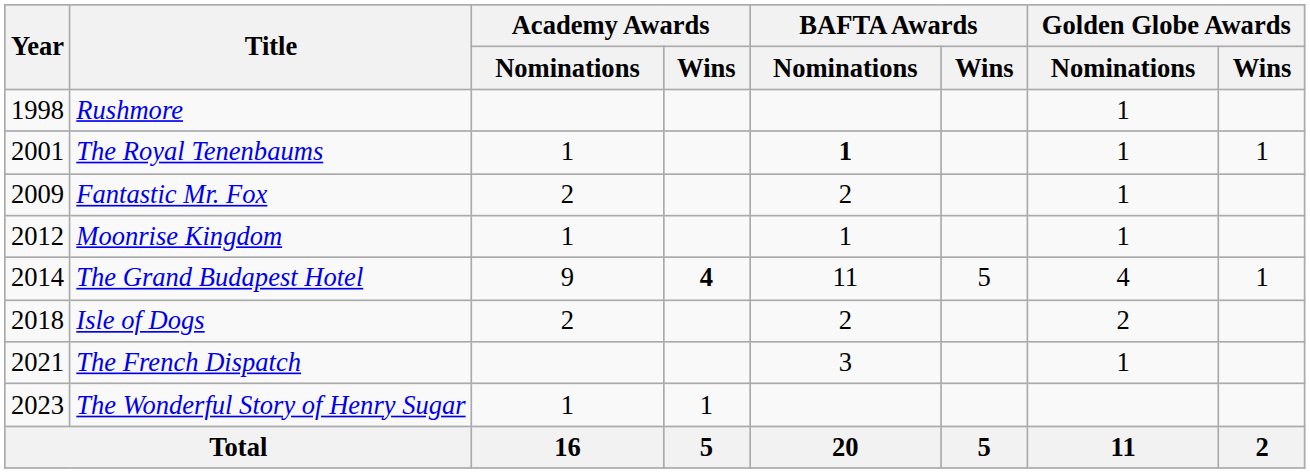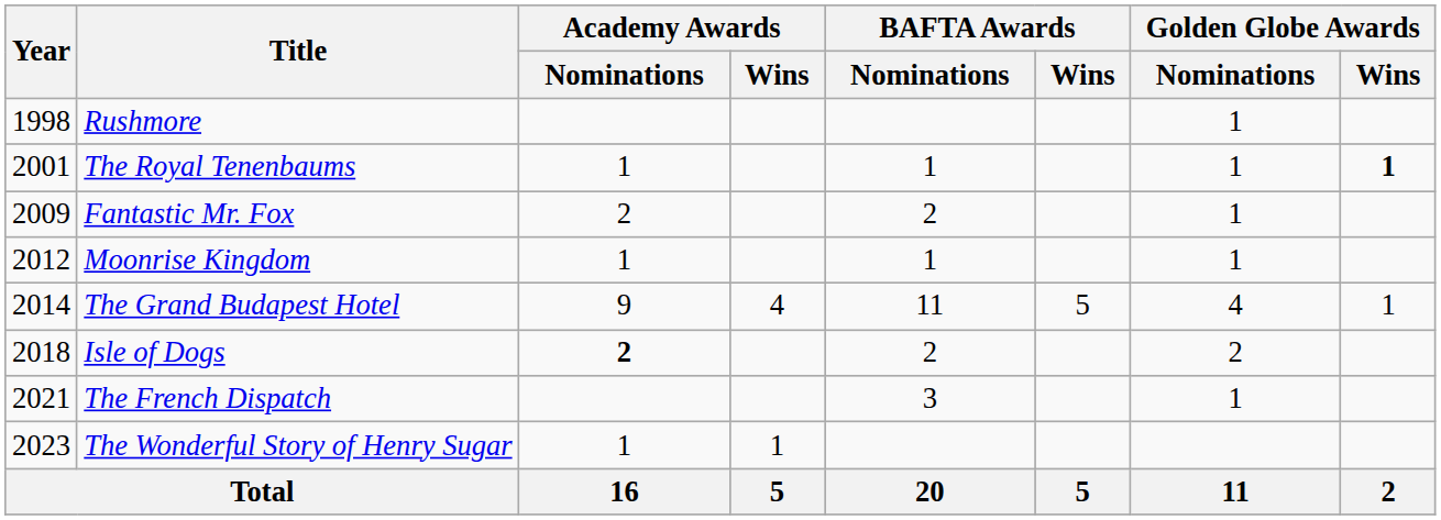 <table class="wikitable">
 <tr>
 <th rowspan="2">Year</th>
 <th rowspan="2">Title</th>
 <th colspan="2" style="text-align:center;" width=160>Academy Awards</th>
 <th colspan="2" style="text-align:center;" width=160>BAFTA Awards</th>
 <th colspan="2" style="text-align:center;" width=160>Golden Globe Awards</th>
 </tr>
 <tr>
 <th>Nominations</th>
 <th>Wins</th>
 <th>Nominations</th>
 <th>Wins</th>
 <th>Nominations</th>
 <th>Wins</th>
 </tr>
 <tr>
 <td>1998</td>
 <td><em><a href='#'>Rushmore</a></em></td>
 <td></td>
 <td></td>
 <td></td>
 <td></td>
 <td align=center>1</td>
 <td></td>
 </tr>
 <tr>
 <td>2001</td>
 <td><em><a href='#'>The Royal Tenenbaums</a></em></td>
 <td align=center>1</td>
 <td></td>
-<td align=center><strong>1</strong></td>
+<td align=center>1</td>
 <td></td>
 <td align=center>1</td>
-<td align=center>1</td>
+<td align=center><strong>1</strong></td>
 </tr>
 <tr>
 <td>2009</td>
 <td><em><a href='#'>Fantastic Mr. Fox</a></em></td>
 <td align=center>2</td>
 <td></td>
 <td align=center>2</td>
 <td></td>
 <td align=center>1</td>
 <td></td>
 </tr>
 <tr>
 <td>2012</td>
 <td><em><a href='#'>Moonrise Kingdom</a></em></td>
 <td align=center>1</td>
 <td></td>
 <td align=center>1</td>
 <td></td>
 <td align=center>1</td>
 <td></td>
 </tr>
 <tr>
 <td>2014</td>
 <td><em><a href='#'>The Grand Budapest Hotel</a></em></td>
 <td align=center>9</td>
-<td align=center><strong>4</strong></td>
+<td align=center>4</td>
 <td align=center>11</td>
 <td align=center>5</td>
 <td align=center>4</td>
 <td align=center>1</td>
 </tr>
 <tr>
 <td>2018</td>
 <td><em><a href='#'>Isle of Dogs</a></em></td>
-<td align=center>2</td>
+<td align=center><strong>2</strong></td>
 <td></td>
 <td align=center>2</td>
 <td></td>
 <td align=center>2</td>
 <td></td>
 </tr>
 <tr>
 <td>2021</td>
 <td><em><a href='#'>The French Dispatch</a></em></td>
 <td></td>
 <td></td>
 <td align=center>3</td>
 <td></td>
 <td align=center>1</td>
 <td></td>
 </tr>
 <tr>
 <td>2023</td>
 <td><em><a href='#'>The Wonderful Story of Henry Sugar</a></em></td>
 <td align=center>1</td>
 <td align=center>1</td>
 <td></td>
 <td></td>
 <td></td>
 <td></td>
 </tr>
 <tr>
 <th colspan="2">Total</th>
 <th align="center">16</th>
 <th align="center">5</th>
 <th align="center">20</th>
 <th align="center">5</th>
 <th align="center">11</th>
 <th align="center">2</th>
 </tr>
 </table>
